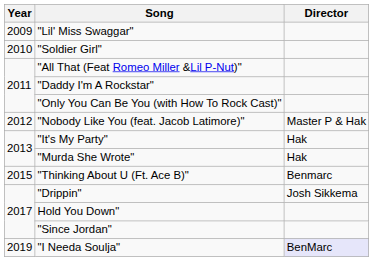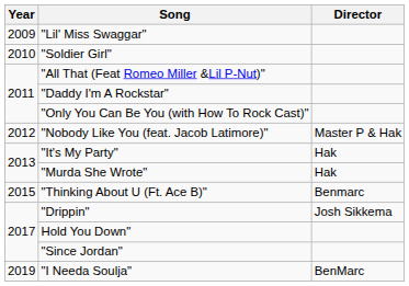 <table class="wikitable">
 <tr>
 <th>Year</th>
 <th>Song</th>
 <th>Director</th>
 </tr>
 <tr>
 <td>2009</td>
 <td>"Lil' Miss Swaggar"</td>
 <td></td>
 </tr>
 <tr>
 <td>2010</td>
 <td>"Soldier Girl"</td>
 <td></td>
 </tr>
 <tr>
 <td rowspan=3>2011</td>
 <td>"All That (Feat <a href='#'>Romeo Miller</a> &<a href='#'>Lil P-Nut</a>)"</td>
 <td></td>
 </tr>
 <tr>
 <td>"Daddy I'm A Rockstar"</td>
 <td></td>
 </tr>
 <tr>
 <td>"Only You Can Be You (with How To Rock Cast)"</td>
 <td></td>
 </tr>
 <tr>
 <td>2012</td>
 <td>"Nobody Like You (feat. Jacob Latimore)"</td>
 <td>Master P & Hak</td>
 </tr>
 <tr>
 <td rowspan=2>2013</td>
 <td>"It's My Party"</td>
 <td>Hak</td>
 </tr>
 <tr>
 <td>"Murda She Wrote"</td>
 <td>Hak</td>
 </tr>
 <tr>
 <td rowspan=1>2015</td>
 <td>"Thinking About U (Ft. Ace B)"</td>
 <td>Benmarc</td>
 </tr>
 <tr>
 <td rowspan=3>2017</td>
 <td>"Drippin"</td>
 <td>Josh Sikkema</td>
 </tr>
 <tr>
 <td>Hold You Down"</td>
 <td></td>
 </tr>
 <tr>
 <td>"Since Jordan"</td>
 <td></td>
 </tr>
 <tr>
 <td>2019</td>
 <td>"I Needa Soulja"</td>
-<td style="background: lavender;">BenMarc</td>
+<td>BenMarc</td>
 </tr>
 </table>
